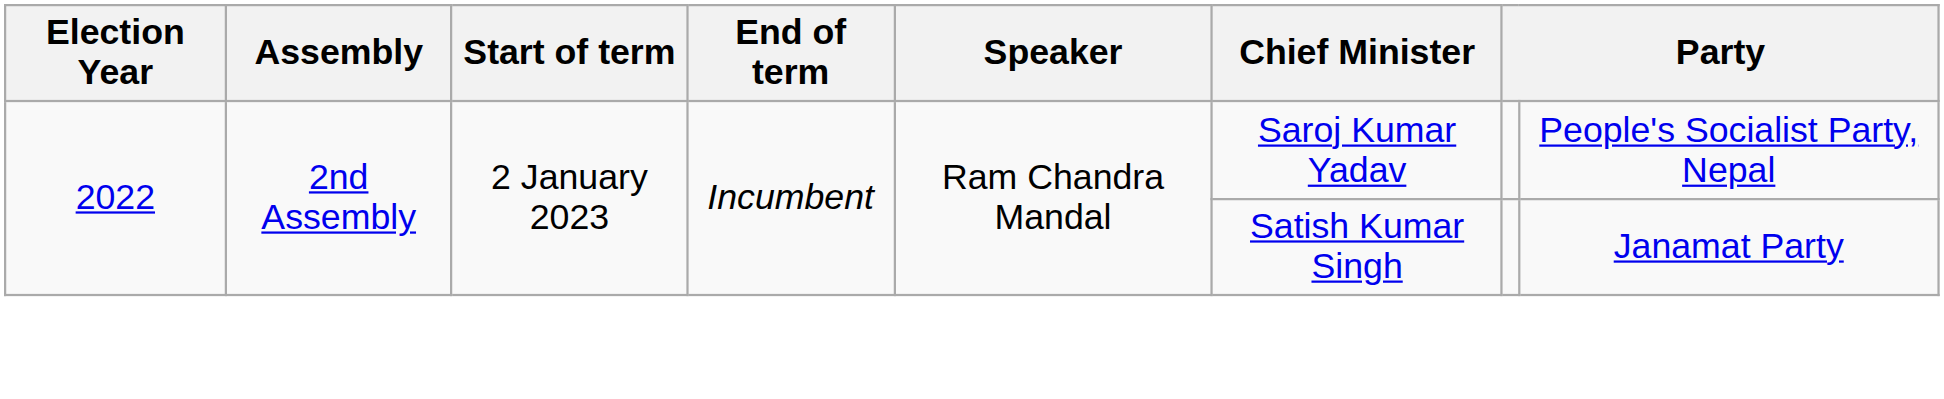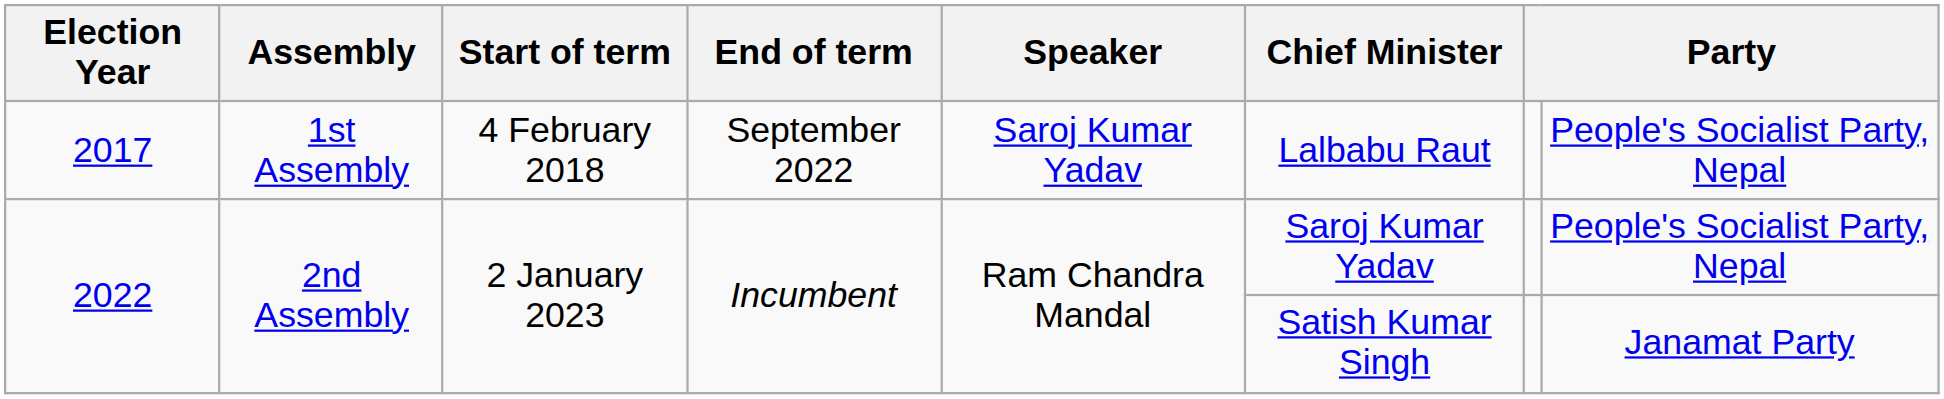 <table class="wikitable" style="text-align:center">
 <tr>
 <th>Election Year</th>
 <th>Assembly</th>
 <th>Start of term</th>
 <th>End of term</th>
 <th>Speaker</th>
 <th>Chief Minister</th>
 <th colspan="2">Party</th>
+</tr>
+<tr>
+<td><a href='#'>2017</a></td>
+<td><a href='#'>1st Assembly</a></td>
+<td>4 February 2018</td>
+<td>September 2022</td>
+<td><a href='#'>Saroj Kumar Yadav</a></td>
+<td><a href='#'>Lalbabu Raut</a><br></td>
+<td></td>
+<td><a href='#'>People's Socialist Party, Nepal</a></td>
 </tr>
 <tr>
 <td rowspan="2"><a href='#'>2022</a></td>
 <td rowspan="2"><a href='#'>2nd Assembly</a></td>
 <td rowspan="2">2 January 2023</td>
 <td rowspan="2"><em>Incumbent</em></td>
 <td rowspan="2">Ram Chandra Mandal</td>
 <td><a href='#'>Saroj Kumar Yadav</a><br></td>
 <td></td>
 <td><a href='#'>People's Socialist Party, Nepal</a></td>
 </tr>
 <tr>
 <td><a href='#'>Satish Kumar Singh</a><br></td>
 <td></td>
 <td><a href='#'>Janamat Party</a></td>
 </tr>
 </table>
